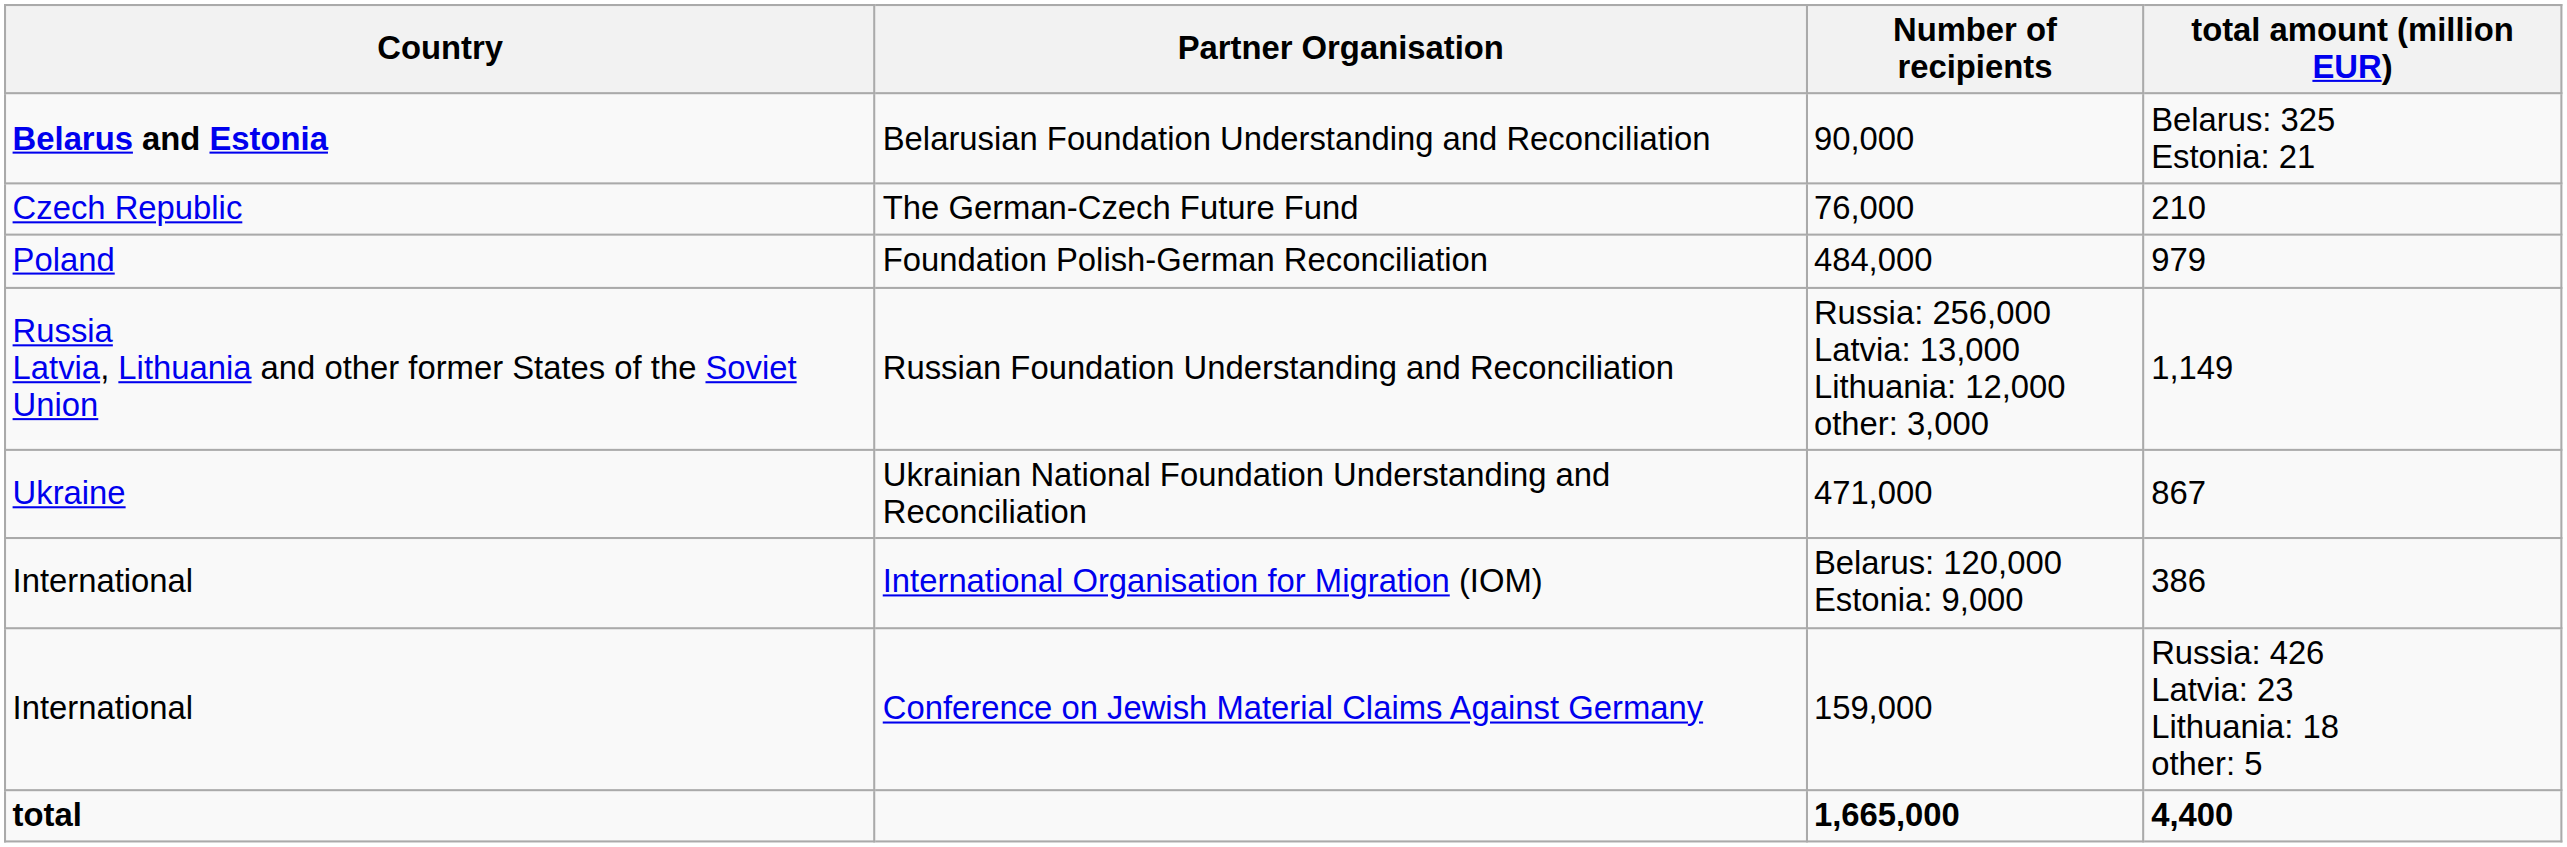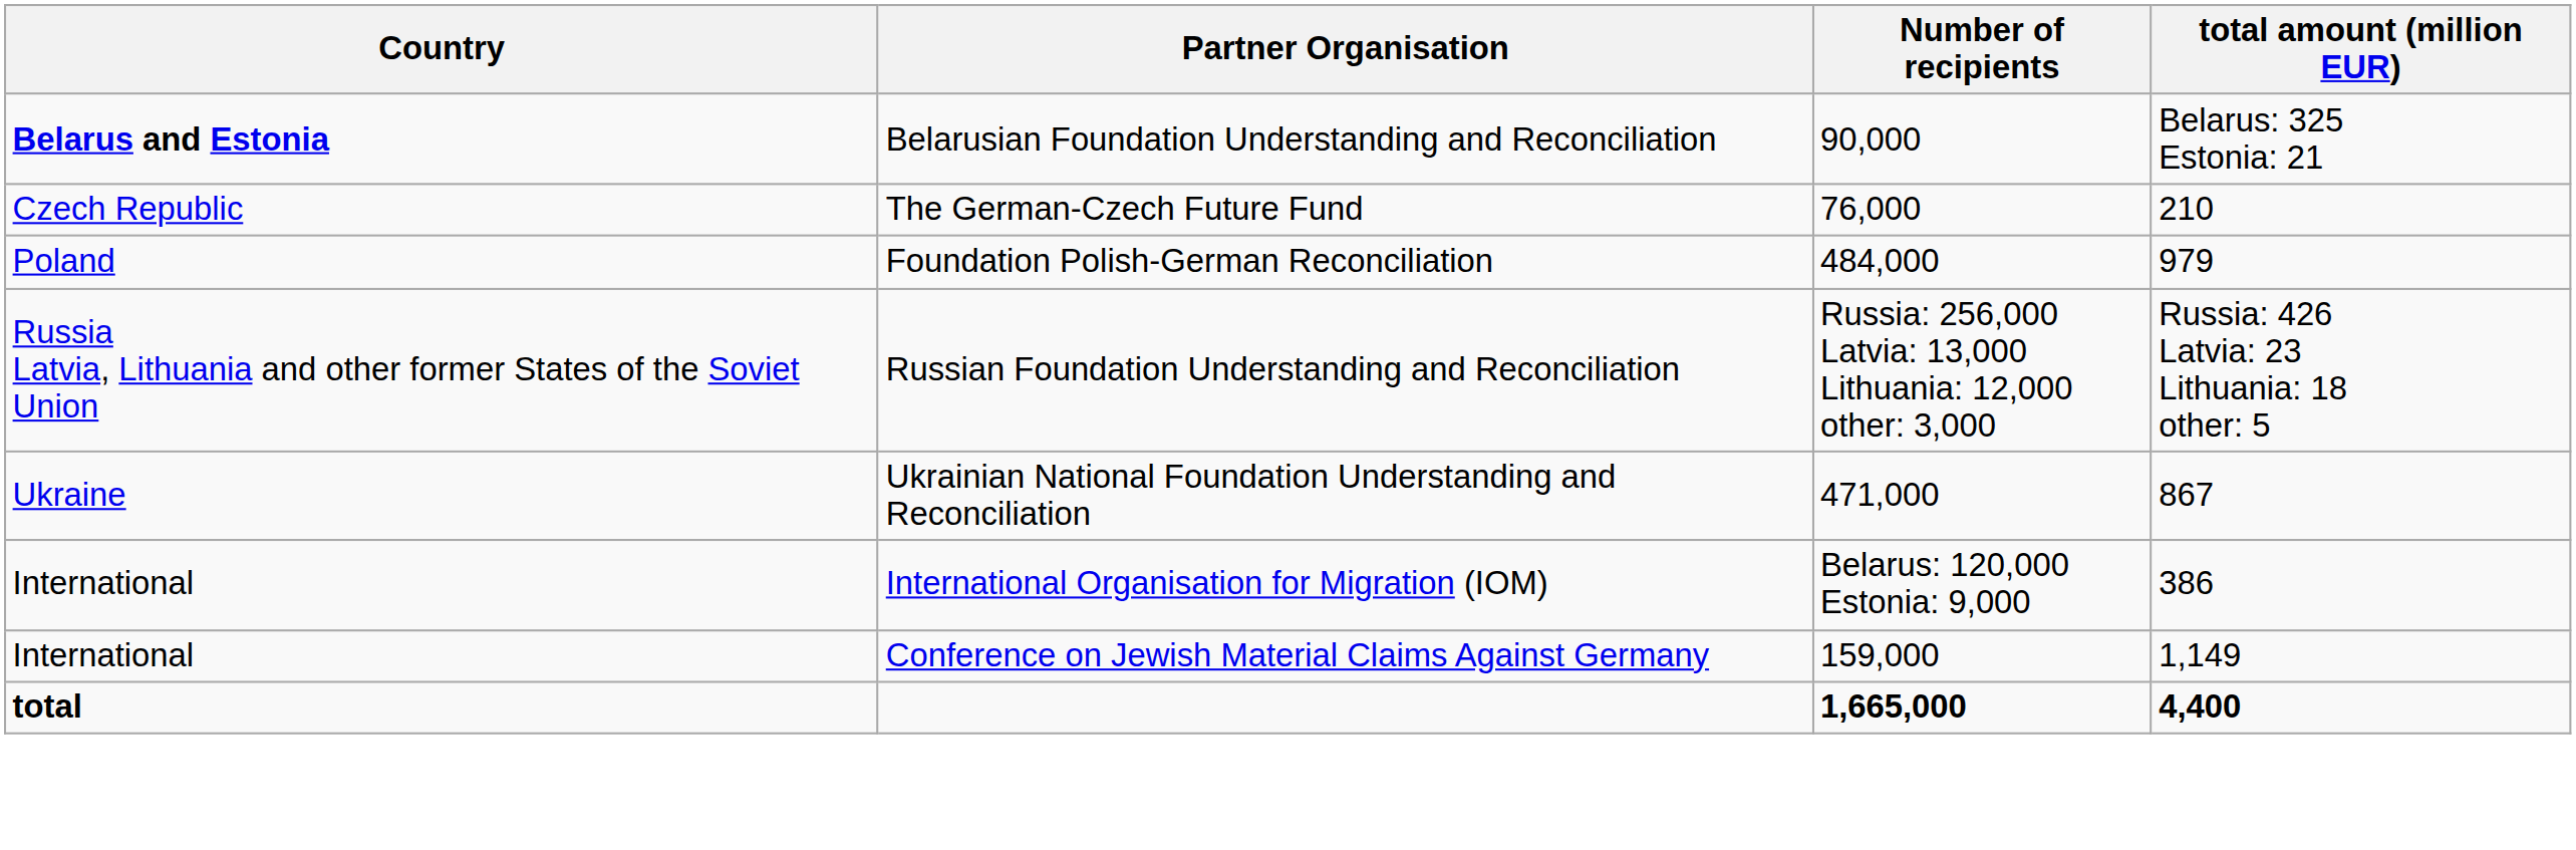 <table class="wikitable">
 <tr>
 <th>Country</th>
 <th>Partner Organisation</th>
 <th>Number of recipients</th>
 <th>total amount (million <a href='#'>EUR</a>)</th>
 </tr>
 <tr>
 <td><strong><a href='#'>Belarus</a> and <a href='#'>Estonia</a></strong></td>
 <td>Belarusian Foundation Understanding and Reconciliation</td>
 <td>90,000</td>
 <td>Belarus: 325 <br>Estonia: 21</td>
 </tr>
 <tr>
 <td><a href='#'>Czech Republic</a></td>
 <td>The German-Czech Future Fund</td>
 <td>76,000</td>
 <td>210</td>
 </tr>
 <tr>
 <td><a href='#'>Poland</a></td>
 <td>Foundation Polish-German Reconciliation</td>
 <td>484,000</td>
 <td>979</td>
 </tr>
 <tr>
 <td><a href='#'>Russia</a><br> <a href='#'>Latvia</a>, <a href='#'>Lithuania</a> and other former States of the <a href='#'>Soviet Union</a></td>
 <td>Russian Foundation Understanding and Reconciliation</td>
 <td>Russia: 256,000 <br>Latvia: 13,000<br> Lithuania: 12,000<br> other: 3,000</td>
-<td>1,149</td>
+<td>Russia: 426<br> Latvia: 23<br> Lithuania: 18<br> other: 5</td>
 </tr>
 <tr>
 <td><a href='#'>Ukraine</a></td>
 <td>Ukrainian National Foundation Understanding and Reconciliation</td>
 <td>471,000</td>
 <td>867</td>
 </tr>
 <tr>
 <td>International</td>
 <td><a href='#'>International Organisation for Migration</a> (IOM)</td>
 <td>Belarus: 120,000 <br>Estonia: 9,000</td>
 <td>386</td>
 </tr>
 <tr>
 <td>International</td>
 <td><a href='#'> Conference on Jewish Material Claims Against Germany</a></td>
 <td>159,000</td>
-<td>Russia: 426<br> Latvia: 23<br> Lithuania: 18<br> other: 5</td>
+<td>1,149</td>
 </tr>
 <tr>
 <td><strong>total</strong></td>
 <td></td>
 <td><strong>1,665,000</strong></td>
 <td><strong>4,400</strong></td>
 </tr>
 </table>
